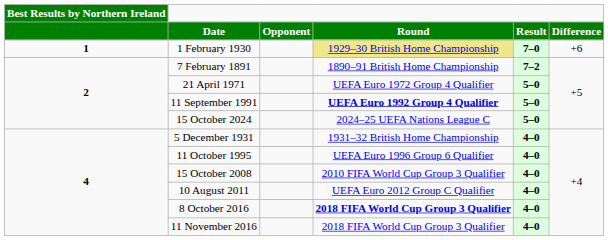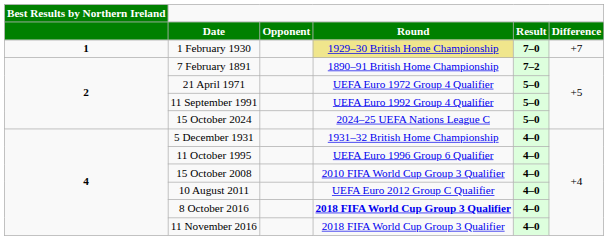 <table class="wikitable" style="text-align:center;">
 <tr>
 <th style="background-color:#008000; color:white; ">Best Results by Northern Ireland</th>
 </tr>
 <tr>
 <th style="background-color:#008000; color:white; "></th>
 <th style="background-color:#008000; color:white; ">Date</th>
 <th style="background-color:#008000; color:white; ">Opponent</th>
 <th style="background-color:#008000; color:white; ">Round</th>
 <th style="background-color:#008000; color:white; ">Result</th>
 <th style="background-color:#008000; color:white; ">Difference</th>
 </tr>
 <tr>
 <td><strong>1</strong></td>
 <td>1 February 1930</td>
 <td style="text-align:left;"></td>
 <td style="background: khaki;">    <a href='#'>1929–30 British Home Championship</a></td>
 <td style="background:#dfd;"><strong>7–0</strong></td>
-<td>+6</td>
+<td>+7</td>
 </tr>
 <tr>
 <td rowspan="4"><strong>2</strong></td>
 <td>7 February 1891</td>
 <td style="text-align:left;"></td>
 <td>    <a href='#'>1890–91 British Home Championship</a></td>
 <td style="background:#dfd;"><strong>7–2</strong></td>
 <td rowspan="4">+5</td>
 </tr>
 <tr>
 <td>21 April 1971</td>
 <td style="text-align:left;"></td>
 <td> <a href='#'>UEFA Euro 1972 Group 4 Qualifier</a></td>
 <td style="background:#dfd;"><strong>5–0</strong></td>
 </tr>
 <tr>
 <td>11 September 1991</td>
 <td style="text-align:left;"></td>
-<td><strong> <a href='#'>UEFA Euro 1992 Group 4 Qualifier</a></strong></td>
+<td> <a href='#'>UEFA Euro 1992 Group 4 Qualifier</a></td>
 <td style="background:#dfd;"><strong>5–0</strong></td>
 </tr>
 <tr>
 <td>15 October 2024</td>
 <td style="text-align:left;"></td>
 <td><a href='#'>2024–25 UEFA Nations League C</a></td>
 <td style="background:#dfd;"><strong>5–0</strong></td>
 </tr>
 <tr>
 <td rowspan="6"><strong>4</strong></td>
 <td>5 December 1931</td>
 <td style="text-align:left;"></td>
 <td>    <a href='#'>1931–32 British Home Championship</a></td>
 <td style="background:#dfd;"><strong>4–0</strong></td>
 <td rowspan="6">+4</td>
 </tr>
 <tr>
 <td>11 October 1995</td>
 <td style="text-align:left;"></td>
 <td> <a href='#'>UEFA Euro 1996 Group 6 Qualifier</a></td>
 <td style="background:#dfd;"><strong>4–0</strong></td>
 </tr>
 <tr>
 <td>15 October 2008</td>
 <td style="text-align:left;"></td>
 <td> <a href='#'>2010 FIFA World Cup Group 3 Qualifier</a></td>
 <td style="background:#dfd;"><strong>4–0</strong></td>
 </tr>
 <tr>
 <td>10 August 2011</td>
 <td style="text-align:left;"></td>
 <td>  <a href='#'>UEFA Euro 2012 Group C Qualifier</a></td>
 <td style="background:#dfd;"><strong>4–0</strong></td>
 </tr>
 <tr>
 <td>8 October 2016</td>
 <td style="text-align:left;"></td>
 <td><strong> <a href='#'>2018 FIFA World Cup Group 3 Qualifier</a></strong></td>
 <td style="background:#dfd;"><strong>4–0</strong></td>
 </tr>
 <tr>
 <td>11 November 2016</td>
 <td style="text-align:left;"></td>
 <td> <a href='#'>2018 FIFA World Cup Group 3 Qualifier</a></td>
 <td style="background:#dfd;"><strong>4–0</strong></td>
 </tr>
 </table>
